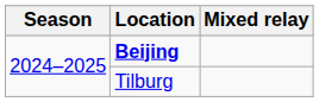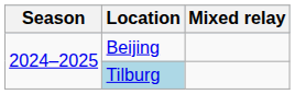 <table class="wikitable" style="display: inline-table;">
 <tr align="center" bgcolor="#b0c4de">
 <th>Season</th>
 <th>Location</th>
 <th>Mixed relay</th>
 </tr>
 <tr>
 <td rowspan=2><a href='#'>2024–2025</a></td>
-<td><strong> <a href='#'>Beijing</a></strong></td>
+<td> <a href='#'>Beijing</a></td>
 <td style="text-align:center;"></td>
 </tr>
 <tr>
-<td> <a href='#'>Tilburg</a></td>
+<td style="background: lightblue;"> <a href='#'>Tilburg</a></td>
 <td style="text-align:center;"></td>
 </tr>
 </table>
